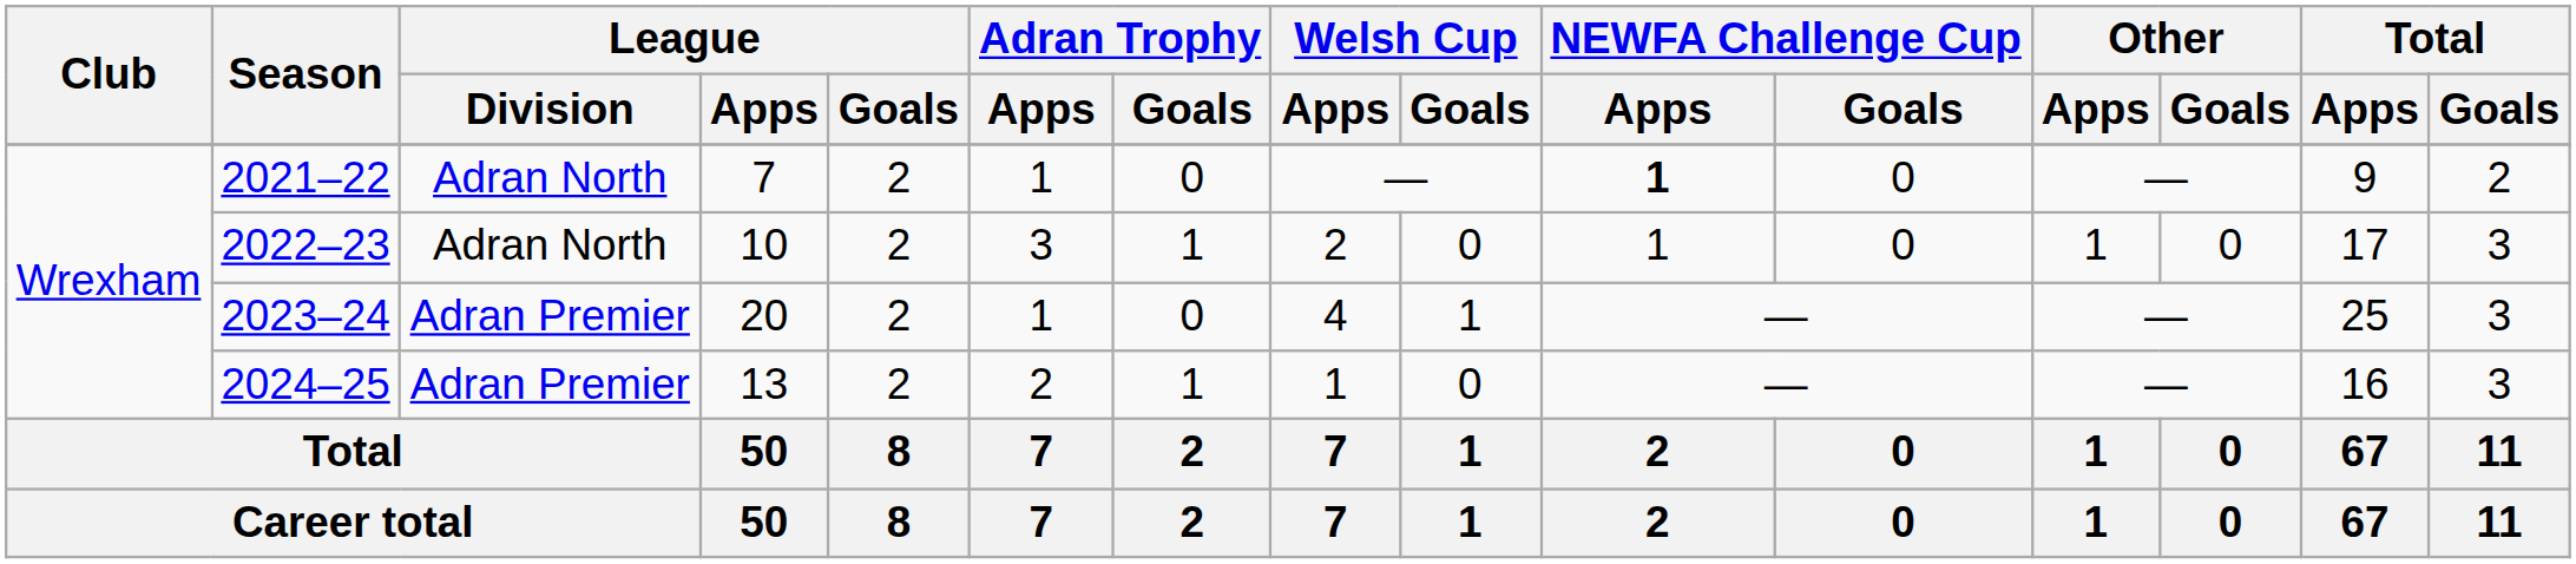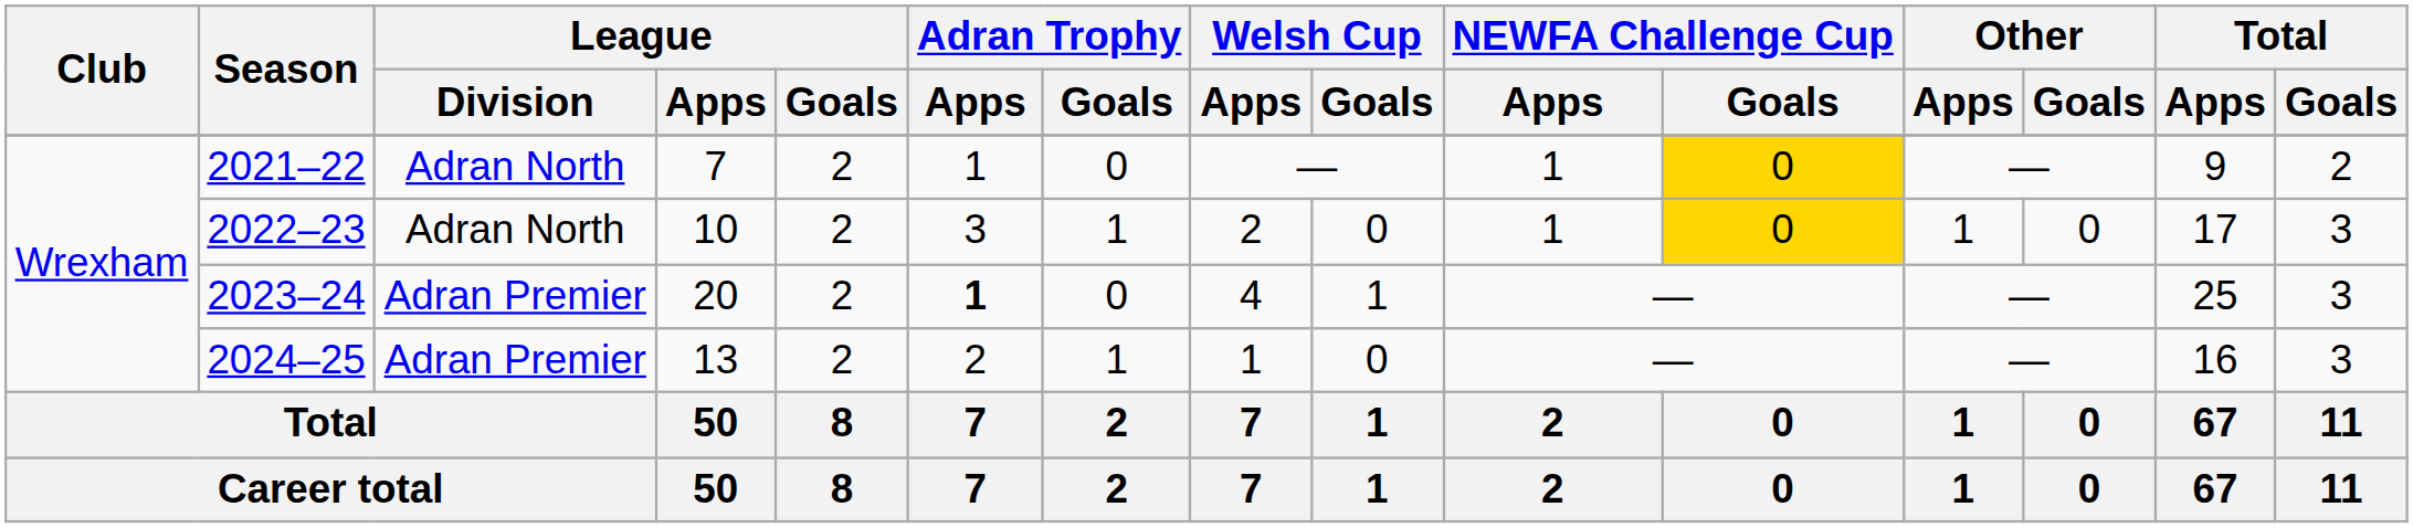 <table class="wikitable" style="text-align: center;">
 <tr>
 <th rowspan="2">Club</th>
 <th rowspan="2">Season</th>
 <th colspan="3">League</th>
 <th colspan="2"><a href='#'>Adran Trophy</a></th>
 <th colspan="2"><a href='#'>Welsh Cup</a></th>
 <th colspan="2"><a href='#'>NEWFA Challenge Cup</a></th>
 <th colspan="2">Other</th>
 <th colspan="2">Total</th>
 </tr>
 <tr>
 <th>Division</th>
 <th>Apps</th>
 <th>Goals</th>
 <th>Apps</th>
 <th>Goals</th>
 <th>Apps</th>
 <th>Goals</th>
 <th>Apps</th>
 <th>Goals</th>
 <th>Apps</th>
 <th>Goals</th>
 <th>Apps</th>
 <th>Goals</th>
 </tr>
 <tr>
 </tr>
 <tr>
 <td rowspan="4"><a href='#'>Wrexham</a></td>
 <td><a href='#'>2021–22</a></td>
 <td><a href='#'>Adran North</a></td>
 <td>7</td>
 <td>2</td>
 <td>1</td>
 <td>0</td>
 <td colspan="2">—</td>
-<td><strong>1</strong></td>
-<td>0</td>
+<td>1</td>
+<td style="background: gold;">0</td>
 <td colspan="2">—</td>
 <td>9</td>
 <td>2</td>
 </tr>
 <tr>
 <td><a href='#'>2022–23</a></td>
 <td>Adran North</td>
 <td>10</td>
 <td>2</td>
 <td>3</td>
 <td>1</td>
 <td>2</td>
 <td>0</td>
 <td>1</td>
-<td>0</td>
+<td style="background: gold;">0</td>
 <td>1</td>
 <td>0</td>
 <td>17</td>
 <td>3</td>
 </tr>
 <tr>
 <td><a href='#'>2023–24</a></td>
 <td><a href='#'>Adran Premier</a></td>
 <td>20</td>
 <td>2</td>
-<td>1</td>
+<td><strong>1</strong></td>
 <td>0</td>
 <td>4</td>
 <td>1</td>
 <td colspan="2">—</td>
 <td colspan="2">—</td>
 <td>25</td>
 <td>3</td>
 </tr>
 <tr>
 <td><a href='#'>2024–25</a></td>
 <td><a href='#'>Adran Premier</a></td>
 <td>13</td>
 <td>2</td>
 <td>2</td>
 <td>1</td>
 <td>1</td>
 <td>0</td>
 <td colspan="2">—</td>
 <td colspan="2">—</td>
 <td>16</td>
 <td>3</td>
 </tr>
 <tr>
 <th colspan="3">Total</th>
 <th>50</th>
 <th>8</th>
 <th>7</th>
 <th>2</th>
 <th>7</th>
 <th>1</th>
 <th>2</th>
 <th>0</th>
 <th>1</th>
 <th>0</th>
 <th>67</th>
 <th>11</th>
 </tr>
 <tr>
 <th colspan="3">Career total</th>
 <th>50</th>
 <th>8</th>
 <th>7</th>
 <th>2</th>
 <th>7</th>
 <th>1</th>
 <th>2</th>
 <th>0</th>
 <th>1</th>
 <th>0</th>
 <th>67</th>
 <th>11</th>
 </tr>
 </table>
